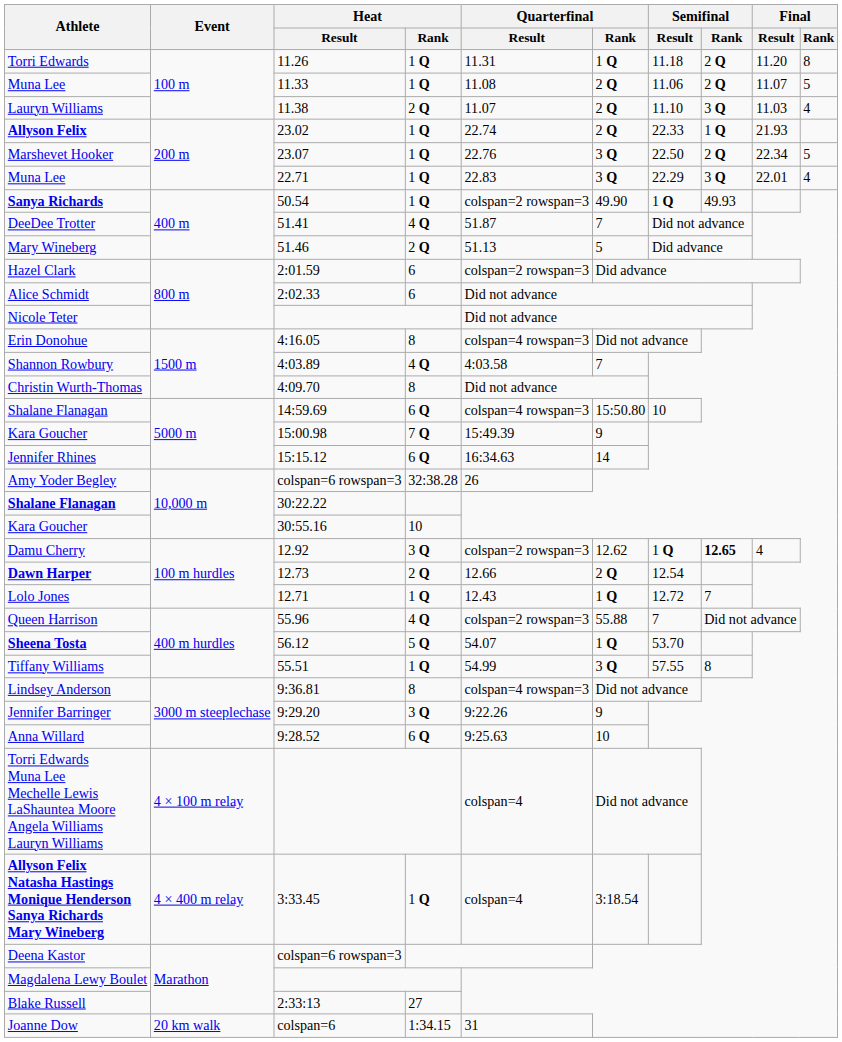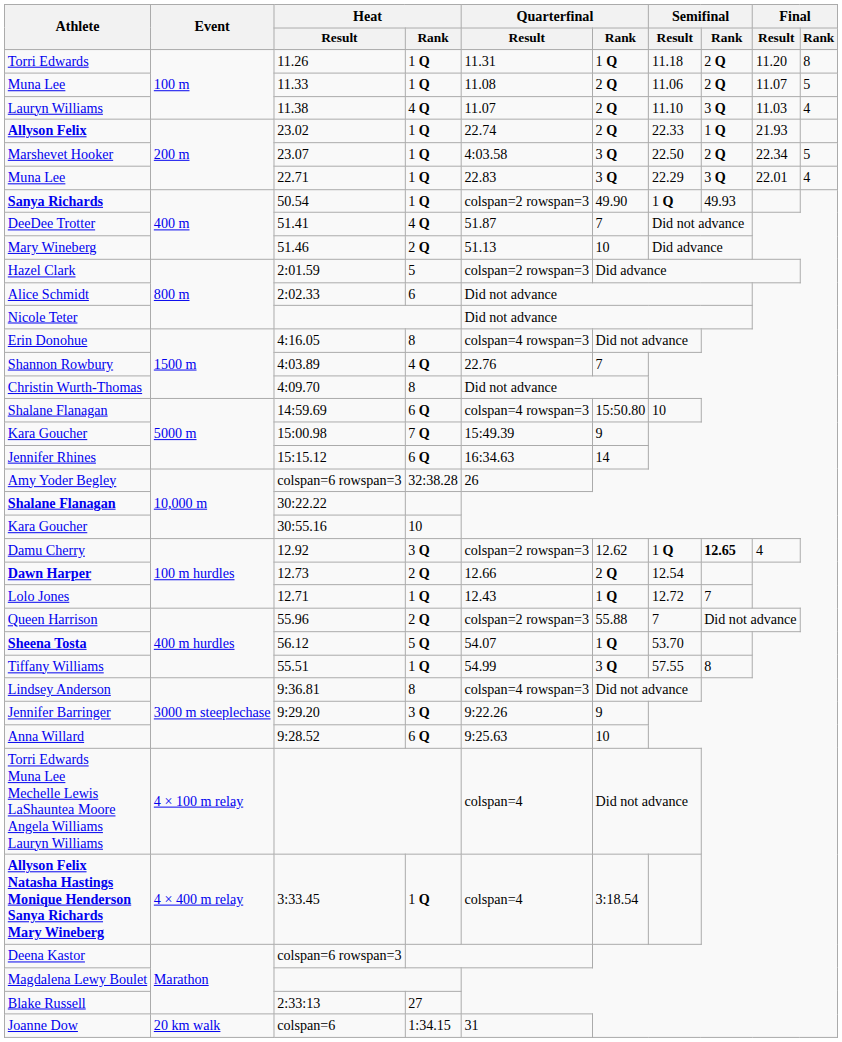 <table class=wikitable style=font-size:90%>
 <tr>
 <th rowspan=2>Athlete</th>
 <th rowspan=2>Event</th>
 <th colspan=2>Heat</th>
 <th colspan=2>Quarterfinal</th>
 <th colspan=2>Semifinal</th>
 <th colspan=2>Final</th>
 </tr>
 <tr style=font-size:95%>
 <th>Result</th>
 <th>Rank</th>
 <th>Result</th>
 <th>Rank</th>
 <th>Result</th>
 <th>Rank</th>
 <th>Result</th>
 <th>Rank</th>
 </tr>
 <tr>
 <td align=left><a href='#'>Torri Edwards</a></td>
 <td align=left rowspan=3><a href='#'>100 m</a></td>
 <td>11.26</td>
 <td>1 <strong>Q</strong></td>
 <td>11.31</td>
 <td>1 <strong>Q</strong></td>
 <td>11.18</td>
 <td>2 <strong>Q</strong></td>
 <td>11.20</td>
 <td>8</td>
 </tr>
 <tr>
 <td align=left><a href='#'>Muna Lee</a></td>
 <td>11.33</td>
 <td>1 <strong>Q</strong></td>
 <td>11.08</td>
 <td>2 <strong>Q</strong></td>
 <td>11.06</td>
 <td>2 <strong>Q</strong></td>
 <td>11.07</td>
 <td>5</td>
 </tr>
 <tr>
 <td align=left><a href='#'>Lauryn Williams</a></td>
 <td>11.38</td>
-<td>2 <strong>Q</strong></td>
+<td>4 <strong>Q</strong></td>
 <td>11.07</td>
 <td>2 <strong>Q</strong></td>
 <td>11.10</td>
 <td>3 <strong>Q</strong></td>
 <td>11.03</td>
 <td>4</td>
 </tr>
 <tr>
 <td align=left><strong><a href='#'>Allyson Felix</a></strong></td>
 <td align=left rowspan=3><a href='#'>200 m</a></td>
 <td>23.02</td>
 <td>1 <strong>Q</strong></td>
 <td>22.74</td>
 <td>2 <strong>Q</strong></td>
 <td>22.33</td>
 <td>1 <strong>Q</strong></td>
 <td>21.93</td>
 <td></td>
 </tr>
 <tr>
 <td align=left><a href='#'>Marshevet Hooker</a></td>
 <td>23.07</td>
 <td>1 <strong>Q</strong></td>
-<td>22.76</td>
+<td>4:03.58</td>
 <td>3 <strong>Q</strong></td>
 <td>22.50</td>
 <td>2 <strong>Q</strong></td>
 <td>22.34</td>
 <td>5</td>
 </tr>
 <tr>
 <td align=left><a href='#'>Muna Lee</a></td>
 <td>22.71</td>
 <td>1 <strong>Q</strong></td>
 <td>22.83</td>
 <td>3 <strong>Q</strong></td>
 <td>22.29</td>
 <td>3 <strong>Q</strong></td>
 <td>22.01</td>
 <td>4</td>
 </tr>
 <tr>
 <td align=left><strong><a href='#'>Sanya Richards</a></strong></td>
 <td align=left rowspan=3><a href='#'>400 m</a></td>
 <td>50.54</td>
 <td>1 <strong>Q</strong></td>
 <td>colspan=2 rowspan=3 </td>
 <td>49.90</td>
 <td>1 <strong>Q</strong></td>
 <td>49.93</td>
 <td></td>
 </tr>
 <tr>
 <td align=left><a href='#'>DeeDee Trotter</a></td>
 <td>51.41</td>
 <td>4 <strong>Q</strong></td>
 <td>51.87</td>
 <td>7</td>
 <td colspan=2>Did not advance</td>
 </tr>
 <tr>
 <td align=left><a href='#'>Mary Wineberg</a></td>
 <td>51.46</td>
 <td>2 <strong>Q</strong></td>
 <td>51.13</td>
-<td>5</td>
+<td>10</td>
 <td colspan=2>Did advance</td>
 </tr>
 <tr>
 <td align=left><a href='#'>Hazel Clark</a></td>
 <td align=left rowspan=3><a href='#'>800 m</a></td>
 <td>2:01.59</td>
-<td>6</td>
+<td>5</td>
 <td>colspan=2 rowspan=3 </td>
 <td colspan=4>Did advance</td>
 </tr>
 <tr>
 <td align=left><a href='#'>Alice Schmidt</a></td>
 <td>2:02.33</td>
 <td>6</td>
 <td colspan=4>Did not advance</td>
 </tr>
 <tr>
 <td align=left><a href='#'>Nicole Teter</a></td>
 <td colspan=2></td>
 <td colspan=4>Did not advance</td>
 </tr>
 <tr>
 <td align=left><a href='#'>Erin Donohue</a></td>
 <td align=left rowspan=3><a href='#'>1500 m</a></td>
 <td>4:16.05</td>
 <td>8</td>
 <td>colspan=4 rowspan=3 </td>
 <td colspan=2>Did not advance</td>
 </tr>
 <tr>
 <td align=left><a href='#'>Shannon Rowbury</a></td>
 <td>4:03.89</td>
 <td>4 <strong>Q</strong></td>
-<td>4:03.58</td>
+<td>22.76</td>
 <td>7</td>
 </tr>
 <tr>
 <td align=left><a href='#'>Christin Wurth-Thomas</a></td>
 <td>4:09.70</td>
 <td>8</td>
 <td colspan=2>Did not advance</td>
 </tr>
 <tr>
 <td align=left><a href='#'>Shalane Flanagan</a></td>
 <td align=left rowspan=3><a href='#'>5000 m</a></td>
 <td>14:59.69</td>
 <td>6 <strong>Q</strong></td>
 <td>colspan=4 rowspan=3 </td>
 <td>15:50.80</td>
 <td>10</td>
 </tr>
 <tr>
 <td align=left><a href='#'>Kara Goucher</a></td>
 <td>15:00.98</td>
 <td>7 <strong>Q</strong></td>
 <td>15:49.39</td>
 <td>9</td>
 </tr>
 <tr>
 <td align=left><a href='#'>Jennifer Rhines</a></td>
 <td>15:15.12</td>
 <td>6 <strong>Q</strong></td>
 <td>16:34.63</td>
 <td>14</td>
 </tr>
 <tr>
 <td align=left><a href='#'>Amy Yoder Begley</a></td>
 <td align=left rowspan=3><a href='#'>10,000 m</a></td>
 <td>colspan=6 rowspan=3 </td>
 <td>32:38.28</td>
 <td>26</td>
 </tr>
 <tr>
 <td align=left><strong><a href='#'>Shalane Flanagan</a></strong></td>
 <td>30:22.22</td>
 <td></td>
 </tr>
 <tr>
 <td align=left><a href='#'>Kara Goucher</a></td>
 <td>30:55.16</td>
 <td>10</td>
 </tr>
 <tr>
 <td align=left><a href='#'>Damu Cherry</a></td>
 <td align=left rowspan=3><a href='#'>100 m hurdles</a></td>
 <td>12.92</td>
 <td>3 <strong>Q</strong></td>
 <td>colspan=2 rowspan=3 </td>
 <td>12.62</td>
 <td>1 <strong>Q</strong></td>
 <td><strong>12.65</strong></td>
 <td>4</td>
 </tr>
 <tr>
 <td align=left><strong><a href='#'>Dawn Harper</a></strong></td>
 <td>12.73</td>
 <td>2 <strong>Q</strong></td>
 <td>12.66</td>
 <td>2 <strong>Q</strong></td>
 <td>12.54</td>
 <td></td>
 </tr>
 <tr>
 <td align=left><a href='#'>Lolo Jones</a></td>
 <td>12.71</td>
 <td>1 <strong>Q</strong></td>
 <td>12.43</td>
 <td>1 <strong>Q</strong></td>
 <td>12.72</td>
 <td>7</td>
 </tr>
 <tr>
 <td align=left><a href='#'>Queen Harrison</a></td>
 <td align=left rowspan=3><a href='#'>400 m hurdles</a></td>
 <td>55.96</td>
-<td>4 <strong>Q</strong></td>
+<td>2 <strong>Q</strong></td>
 <td>colspan=2 rowspan=3 </td>
 <td>55.88</td>
 <td>7</td>
 <td colspan=2>Did not advance</td>
 </tr>
 <tr>
 <td align=left><strong><a href='#'>Sheena Tosta</a></strong></td>
 <td>56.12</td>
 <td>5 <strong>Q</strong></td>
 <td>54.07</td>
 <td>1 <strong>Q</strong></td>
 <td>53.70</td>
 <td></td>
 </tr>
 <tr>
 <td align=left><a href='#'>Tiffany Williams</a></td>
 <td>55.51</td>
 <td>1 <strong>Q</strong></td>
 <td>54.99</td>
 <td>3 <strong>Q</strong></td>
 <td>57.55</td>
 <td>8</td>
 </tr>
 <tr>
 <td align=left><a href='#'>Lindsey Anderson</a></td>
 <td align=left rowspan=3><a href='#'>3000 m steeplechase</a></td>
 <td>9:36.81</td>
 <td>8</td>
 <td>colspan=4 rowspan=3 </td>
 <td colspan=2>Did not advance</td>
 </tr>
 <tr>
 <td align=left><a href='#'>Jennifer Barringer</a></td>
 <td>9:29.20</td>
 <td>3 <strong>Q</strong></td>
 <td>9:22.26</td>
 <td>9</td>
 </tr>
 <tr>
 <td align=left><a href='#'>Anna Willard</a></td>
 <td>9:28.52</td>
 <td>6 <strong>Q</strong></td>
 <td>9:25.63</td>
 <td>10</td>
 </tr>
 <tr>
 <td align=left><a href='#'>Torri Edwards</a><br><a href='#'>Muna Lee</a><br><a href='#'>Mechelle Lewis</a><br><a href='#'>LaShauntea Moore</a><br><a href='#'>Angela Williams</a><br><a href='#'>Lauryn Williams</a></td>
 <td align=left><a href='#'>4 × 100 m relay</a></td>
 <td colspan=2></td>
 <td>colspan=4 </td>
 <td colspan=2>Did not advance</td>
 </tr>
 <tr>
 <td align=left><strong><a href='#'>Allyson Felix</a><br><a href='#'>Natasha Hastings</a><br><a href='#'>Monique Henderson</a><br><a href='#'>Sanya Richards</a><br><a href='#'>Mary Wineberg</a></strong></td>
 <td align=left><a href='#'>4 × 400 m relay</a></td>
 <td>3:33.45</td>
 <td>1 <strong>Q</strong></td>
 <td>colspan=4 </td>
 <td>3:18.54</td>
 <td></td>
 </tr>
 <tr>
 <td align=left><a href='#'>Deena Kastor</a></td>
 <td align=left rowspan=3><a href='#'>Marathon</a></td>
 <td>colspan=6 rowspan=3 </td>
 <td colspan=2></td>
 </tr>
 <tr>
 <td align=left><a href='#'>Magdalena Lewy Boulet</a></td>
 <td colspan=2></td>
 </tr>
 <tr>
 <td align=left><a href='#'>Blake Russell</a></td>
 <td>2:33:13</td>
 <td>27</td>
 </tr>
 <tr>
 <td align=left><a href='#'>Joanne Dow</a></td>
 <td align=left><a href='#'>20 km walk</a></td>
 <td>colspan=6 </td>
 <td>1:34.15</td>
 <td>31</td>
 </tr>
 </table>
